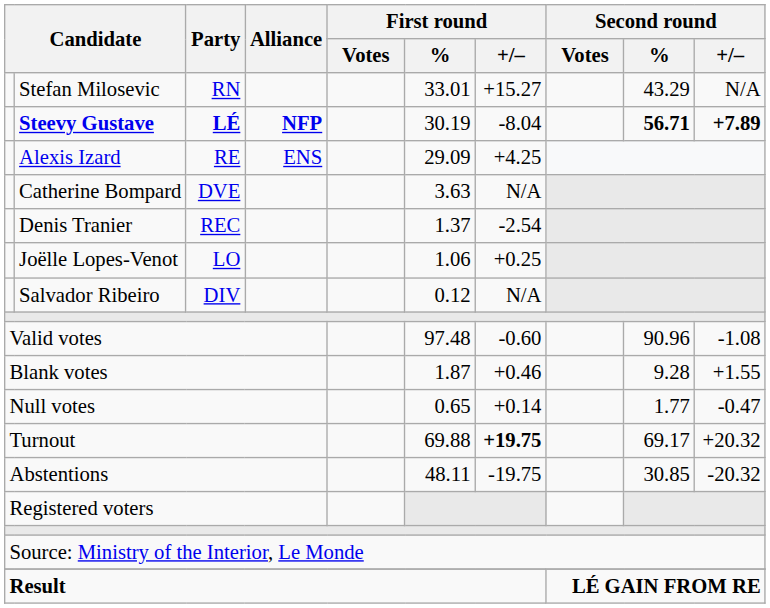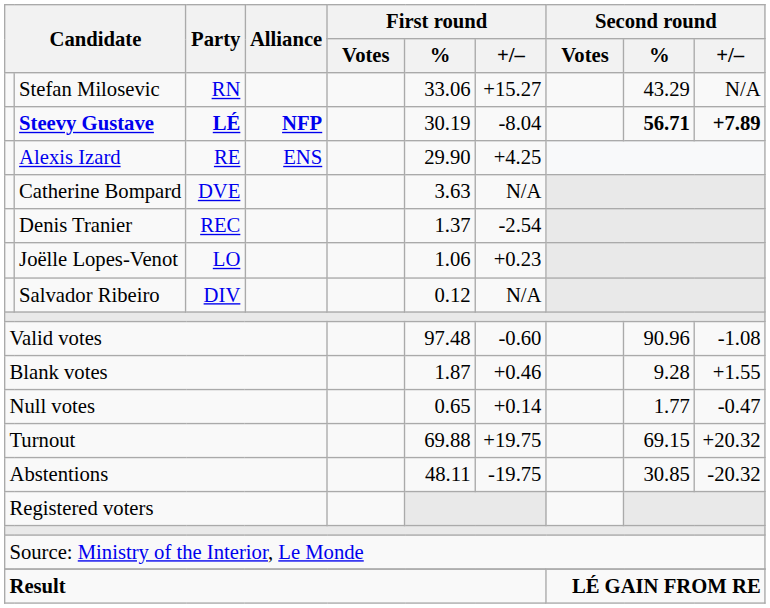 <table class="wikitable" style="text-align:right;font-size:95%;">
 <tr>
 <th rowspan="2" colspan="2">Candidate</th>
 <th rowspan="2">Party</th>
 <th rowspan="2">Alliance</th>
 <th colspan="3">First round</th>
 <th colspan="3">Second round</th>
 </tr>
 <tr>
 <th style="width:50px;">Votes</th>
 <th style="width:45px;">%</th>
 <th style="width:45px;">+/–</th>
 <th style="width:50px;">Votes</th>
 <th style="width:45px;">%</th>
 <th style="width:45px;">+/–</th>
 </tr>
 <tr>
 <td style="color:inherit;background:"></td>
 <td style="text-align:left;">Stefan Milosevic</td>
 <td><a href='#'>RN</a></td>
 <td></td>
 <td></td>
-<td>33.01</td>
+<td>33.06</td>
 <td>+15.27</td>
 <td></td>
 <td>43.29</td>
 <td>N/A</td>
 </tr>
 <tr>
 <td style="color:inherit;background:"></td>
 <td style="text-align:left;"><strong><a href='#'>Steevy Gustave</a></strong></td>
 <td><a href='#'><strong>LÉ</strong></a></td>
 <td><a href='#'><strong>NFP</strong></a></td>
 <td></td>
 <td>30.19</td>
 <td>-8.04</td>
 <td><strong></strong></td>
 <td><strong>56.71</strong></td>
 <td><strong>+7.89</strong></td>
 </tr>
 <tr>
 <td style="color:inherit;background:"></td>
 <td style="text-align:left;"><a href='#'>Alexis Izard</a></td>
 <td><a href='#'>RE</a></td>
 <td><a href='#'>ENS</a></td>
 <td></td>
-<td>29.09</td>
+<td>29.90</td>
 <td>+4.25</td>
 <td colspan="3" style="background:#F8F9FA;"></td>
 </tr>
 <tr>
 <td style="color:inherit;background:"></td>
 <td style="text-align:left;">Catherine Bompard</td>
 <td><a href='#'>DVE</a></td>
 <td></td>
 <td></td>
 <td>3.63</td>
 <td>N/A</td>
 <td colspan="3" style="background:#E9E9E9;"></td>
 </tr>
 <tr>
 <td style="color:inherit;background:"></td>
 <td style="text-align:left;">Denis Tranier</td>
 <td><a href='#'>REC</a></td>
 <td></td>
 <td></td>
 <td>1.37</td>
 <td>-2.54</td>
 <td colspan="3" style="background:#E9E9E9;"></td>
 </tr>
 <tr>
 <td style="color:inherit;background:"></td>
 <td style="text-align:left;">Joëlle Lopes-Venot</td>
 <td><a href='#'>LO</a></td>
 <td></td>
 <td></td>
 <td>1.06</td>
-<td>+0.25</td>
+<td>+0.23</td>
 <td colspan="3" style="background:#E9E9E9;"></td>
 </tr>
 <tr>
 <td style="color:inherit;background:"></td>
 <td style="text-align:left;">Salvador Ribeiro</td>
 <td><a href='#'>DIV</a></td>
 <td></td>
 <td></td>
 <td>0.12</td>
 <td>N/A</td>
 <td colspan="3" style="background:#E9E9E9;"></td>
 </tr>
 <tr>
 <td colspan="10" style="background:#E9E9E9;"></td>
 </tr>
 <tr>
 <td colspan="4" style="text-align:left;">Valid votes</td>
 <td></td>
 <td>97.48</td>
 <td>-0.60</td>
 <td></td>
 <td>90.96</td>
 <td>-1.08</td>
 </tr>
 <tr>
 <td colspan="4" style="text-align:left;">Blank votes</td>
 <td></td>
 <td>1.87</td>
 <td>+0.46</td>
 <td></td>
 <td>9.28</td>
 <td>+1.55</td>
 </tr>
 <tr>
 <td colspan="4" style="text-align:left;">Null votes</td>
 <td></td>
 <td>0.65</td>
 <td>+0.14</td>
 <td></td>
 <td>1.77</td>
 <td>-0.47</td>
 </tr>
 <tr>
 <td colspan="4" style="text-align:left;">Turnout</td>
 <td></td>
 <td>69.88</td>
-<td><strong>+19.75</strong></td>
+<td>+19.75</td>
 <td></td>
-<td>69.17</td>
+<td>69.15</td>
 <td>+20.32</td>
 </tr>
 <tr>
 <td colspan="4" style="text-align:left;">Abstentions</td>
 <td></td>
 <td>48.11</td>
 <td>-19.75</td>
 <td></td>
 <td>30.85</td>
 <td>-20.32</td>
 </tr>
 <tr>
 <td colspan="4" style="text-align:left;">Registered voters</td>
 <td></td>
 <td colspan="2" style="background:#E9E9E9;"></td>
 <td></td>
 <td colspan="2" style="background:#E9E9E9;"></td>
 </tr>
 <tr>
 <td colspan="10" style="background:#E9E9E9;"></td>
 </tr>
 <tr>
 <td colspan="10" style="text-align:left;">Source: <a href='#'>Ministry of the Interior</a>, <a href='#'>Le Monde</a></td>
 </tr>
 <tr>
 </tr>
 <tr style="font-weight:bold">
 <td colspan="7" style="text-align:left;">Result</td>
 <td colspan="7" style="background-color:">LÉ GAIN FROM RE</td>
 </tr>
 </table>
